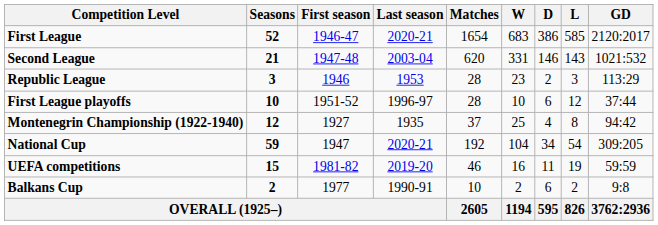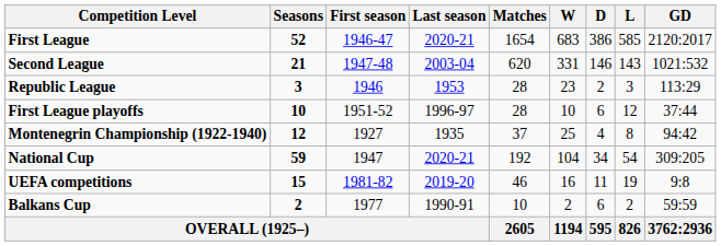 <table class="wikitable" style="text-align:center">
 <tr>
 <th>Competition Level</th>
 <th>Seasons</th>
 <th>First season</th>
 <th>Last season</th>
 <th>Matches</th>
 <th>W</th>
 <th>D</th>
 <th>L</th>
 <th>GD</th>
 </tr>
 <tr>
 <td style="text-align:left;"><strong>First League</strong></td>
 <td><strong>52</strong></td>
 <td><a href='#'>1946-47</a></td>
 <td><a href='#'>2020-21</a></td>
 <td>1654</td>
 <td>683</td>
 <td>386</td>
 <td>585</td>
 <td>2120:2017</td>
 </tr>
 <tr>
 <td style="text-align:left;"><strong>Second League</strong></td>
 <td><strong>21</strong></td>
 <td><a href='#'>1947-48</a></td>
 <td><a href='#'>2003-04</a></td>
 <td>620</td>
 <td>331</td>
 <td>146</td>
 <td>143</td>
 <td>1021:532</td>
 </tr>
 <tr>
 <td style="text-align:left;"><strong>Republic League</strong></td>
 <td><strong>3</strong></td>
 <td><a href='#'>1946</a></td>
 <td><a href='#'>1953</a></td>
 <td>28</td>
 <td>23</td>
 <td>2</td>
 <td>3</td>
 <td>113:29</td>
 </tr>
 <tr>
 <td style="text-align:left;"><strong>First League playoffs</strong></td>
 <td><strong>10</strong></td>
 <td>1951-52</td>
 <td>1996-97</td>
 <td>28</td>
 <td>10</td>
 <td>6</td>
 <td>12</td>
 <td>37:44</td>
 </tr>
 <tr>
 <td style="text-align:left;"><strong>Montenegrin Championship (1922-1940)</strong></td>
 <td><strong>12</strong></td>
 <td>1927</td>
 <td>1935</td>
 <td>37</td>
 <td>25</td>
 <td>4</td>
 <td>8</td>
 <td>94:42</td>
 </tr>
 <tr>
 <td style="text-align:left;"><strong>National Cup</strong></td>
 <td><strong>59</strong></td>
 <td>1947</td>
 <td><a href='#'>2020-21</a></td>
 <td>192</td>
 <td>104</td>
 <td>34</td>
 <td>54</td>
 <td>309:205</td>
 </tr>
 <tr>
 <td style="text-align:left;"><strong>UEFA competitions</strong></td>
 <td><strong>15</strong></td>
 <td><a href='#'>1981-82</a></td>
 <td><a href='#'>2019-20</a></td>
 <td>46</td>
 <td>16</td>
 <td>11</td>
 <td>19</td>
-<td>59:59</td>
+<td>9:8</td>
 </tr>
 <tr>
 <td style="text-align:left;"><strong>Balkans Cup</strong></td>
 <td><strong>2</strong></td>
 <td>1977</td>
 <td>1990-91</td>
 <td>10</td>
 <td>2</td>
 <td>6</td>
 <td>2</td>
-<td>9:8</td>
+<td>59:59</td>
 </tr>
 <tr>
 <th colspan="4"><strong>OVERALL (1925–)</strong></th>
 <th><strong>2605</strong></th>
 <th><strong>1194</strong></th>
 <th><strong>595</strong></th>
 <th><strong>826</strong></th>
 <th><strong>3762:2936</strong></th>
 </tr>
 </table>
